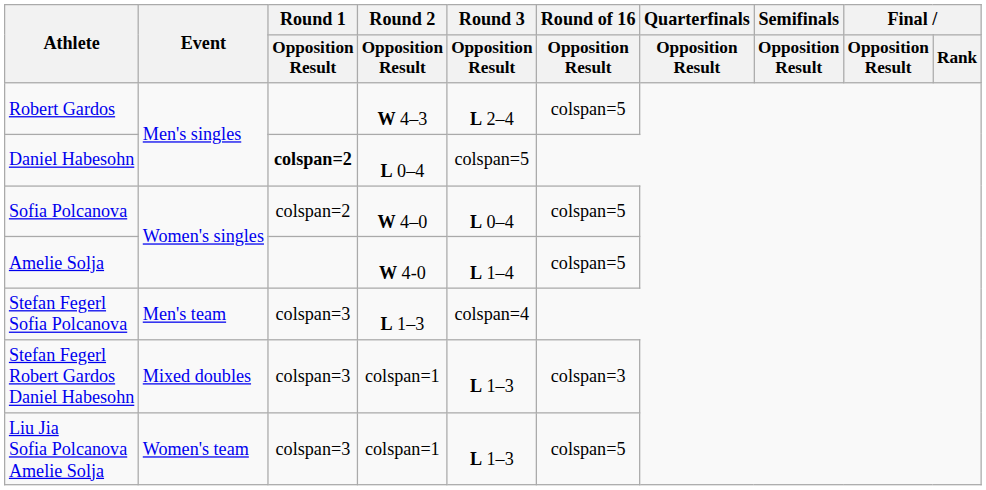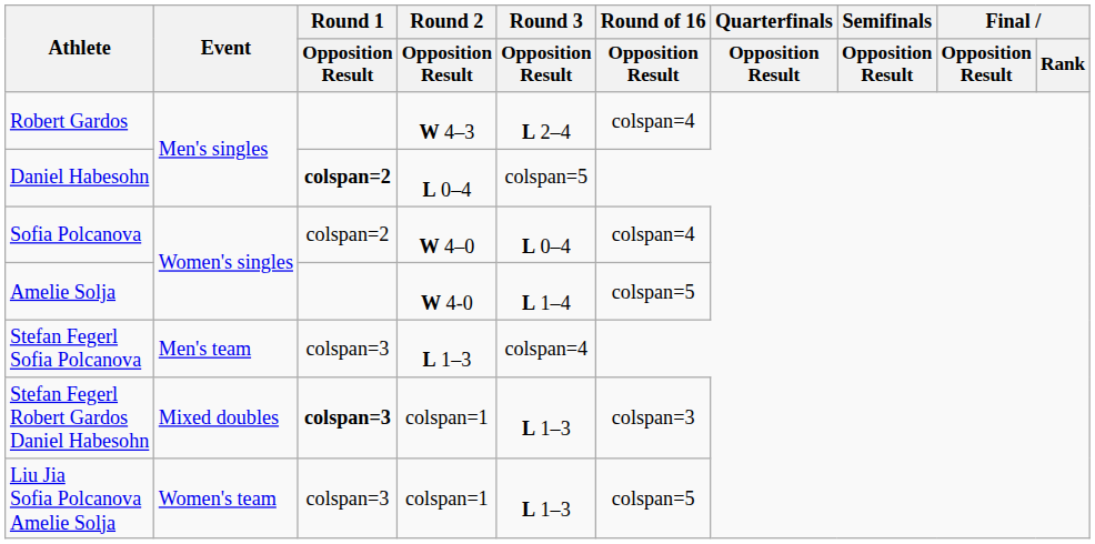 <table class="wikitable" style="text-align:center; font-size:90%">
 <tr>
 <th rowspan=2>Athlete</th>
 <th rowspan=2>Event</th>
 <th>Round 1</th>
 <th>Round 2</th>
 <th>Round 3</th>
 <th>Round of 16</th>
 <th>Quarterfinals</th>
 <th>Semifinals</th>
 <th colspan=2>Final / </th>
 </tr>
 <tr style="font-size:95%">
 <th>Opposition<br>Result</th>
 <th>Opposition<br>Result</th>
 <th>Opposition<br>Result</th>
 <th>Opposition<br>Result</th>
 <th>Opposition<br>Result</th>
 <th>Opposition<br>Result</th>
 <th>Opposition<br>Result</th>
 <th>Rank</th>
 </tr>
 <tr>
 <td align=left><a href='#'>Robert Gardos</a></td>
 <td rowspan=2 align=left><a href='#'>Men's singles</a></td>
 <td></td>
 <td><br><strong>W</strong> 4–3</td>
 <td><br><strong>L</strong> 2–4</td>
-<td>colspan=5 </td>
+<td>colspan=4 </td>
 </tr>
 <tr>
 <td align=left><a href='#'>Daniel Habesohn</a></td>
 <td><strong>colspan=2 </strong></td>
 <td><br><strong>L</strong> 0–4</td>
 <td>colspan=5 </td>
 </tr>
 <tr>
 <td align=left><a href='#'>Sofia Polcanova</a></td>
 <td rowspan=2 align=left><a href='#'>Women's singles</a></td>
 <td>colspan=2 </td>
 <td><br><strong>W</strong> 4–0</td>
 <td><br><strong>L</strong> 0–4</td>
-<td>colspan=5 </td>
+<td>colspan=4 </td>
 </tr>
 <tr>
 <td align=left><a href='#'>Amelie Solja</a></td>
 <td></td>
 <td><br><strong>W</strong> 4-0</td>
 <td><br><strong>L</strong> 1–4</td>
 <td>colspan=5 </td>
 </tr>
 <tr>
 <td align=left><a href='#'>Stefan Fegerl</a><br><a href='#'>Sofia Polcanova</a></td>
 <td align=left><a href='#'>Men's team</a></td>
 <td>colspan=3 </td>
 <td><br><strong>L</strong> 1–3</td>
 <td>colspan=4 </td>
 </tr>
 <tr>
 <td align=left><a href='#'>Stefan Fegerl</a><br><a href='#'>Robert Gardos</a><br><a href='#'>Daniel Habesohn</a></td>
 <td align=left><a href='#'>Mixed doubles</a></td>
-<td>colspan=3 </td>
+<td><strong>colspan=3 </strong></td>
 <td>colspan=1 </td>
 <td><br><strong>L</strong> 1–3</td>
 <td>colspan=3 </td>
 </tr>
 <tr>
 <td align=left><a href='#'>Liu Jia</a><br><a href='#'>Sofia Polcanova</a><br><a href='#'>Amelie Solja</a></td>
 <td align=left><a href='#'>Women's team</a></td>
 <td>colspan=3 </td>
 <td>colspan=1 </td>
 <td><br><strong>L</strong> 1–3</td>
 <td>colspan=5 </td>
 </tr>
 </table>
